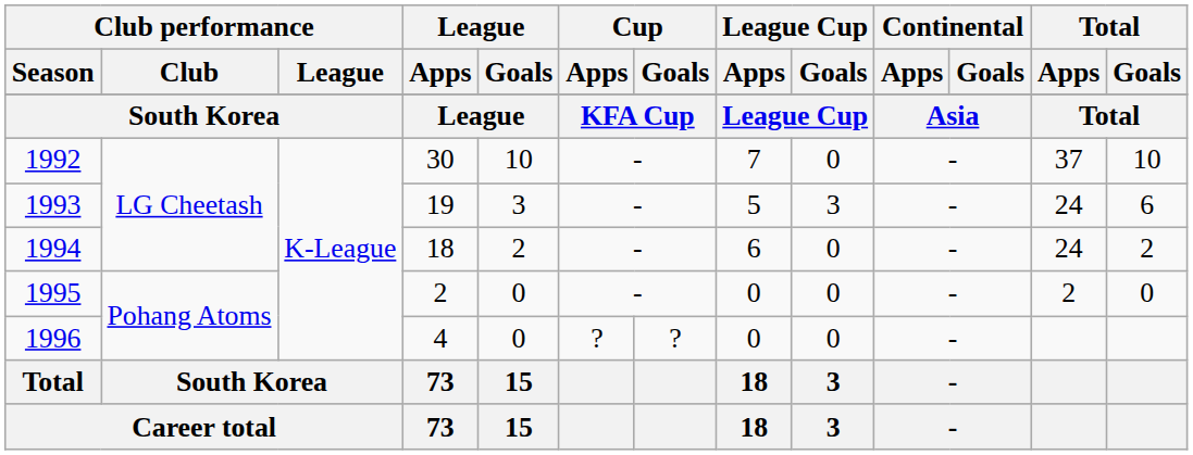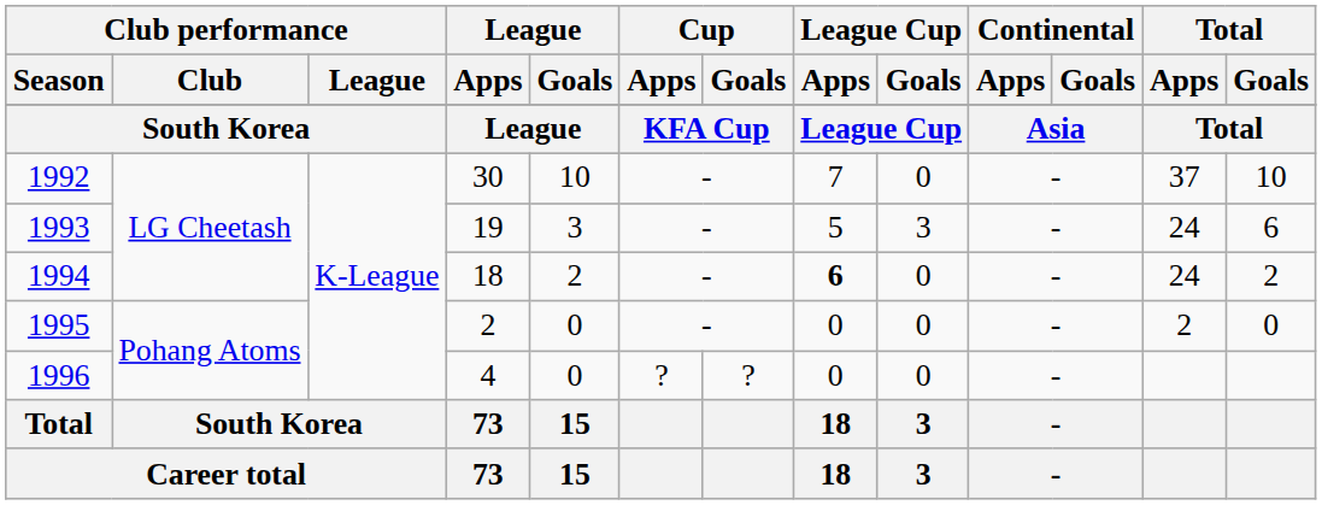 <table class="wikitable" style="text-align:center">
 <tr>
 <th colspan=3>Club performance</th>
 <th colspan=2>League</th>
 <th colspan=2>Cup</th>
 <th colspan=2>League Cup</th>
 <th colspan=2>Continental</th>
 <th colspan=2>Total</th>
 </tr>
 <tr>
 <th>Season</th>
 <th>Club</th>
 <th>League</th>
 <th>Apps</th>
 <th>Goals</th>
 <th>Apps</th>
 <th>Goals</th>
 <th>Apps</th>
 <th>Goals</th>
 <th>Apps</th>
 <th>Goals</th>
 <th>Apps</th>
 <th>Goals</th>
 </tr>
 <tr>
 </tr>
 <tr>
 <th colspan=3>South Korea</th>
 <th colspan=2>League</th>
 <th colspan=2><a href='#'>KFA Cup</a></th>
 <th colspan=2><a href='#'>League Cup</a></th>
 <th colspan=2><a href='#'>Asia</a></th>
 <th colspan=2>Total</th>
 </tr>
 <tr>
 <td><a href='#'>1992</a></td>
 <td rowspan="3"><a href='#'>LG Cheetash</a></td>
 <td rowspan="5"><a href='#'>K-League</a></td>
 <td>30</td>
 <td>10</td>
 <td colspan="2">-</td>
 <td>7</td>
 <td>0</td>
 <td colspan="2">-</td>
 <td>37</td>
 <td>10</td>
 </tr>
 <tr>
 <td><a href='#'>1993</a></td>
 <td>19</td>
 <td>3</td>
 <td colspan="2">-</td>
 <td>5</td>
 <td>3</td>
 <td colspan="2">-</td>
 <td>24</td>
 <td>6</td>
 </tr>
 <tr>
 <td><a href='#'>1994</a></td>
 <td>18</td>
 <td>2</td>
 <td colspan="2">-</td>
-<td>6</td>
+<td><strong>6</strong></td>
 <td>0</td>
 <td colspan="2">-</td>
 <td>24</td>
 <td>2</td>
 </tr>
 <tr>
 <td><a href='#'>1995</a></td>
 <td rowspan="2"><a href='#'>Pohang Atoms</a></td>
 <td>2</td>
 <td>0</td>
 <td colspan="2">-</td>
 <td>0</td>
 <td>0</td>
 <td colspan="2">-</td>
 <td>2</td>
 <td>0</td>
 </tr>
 <tr>
 <td><a href='#'>1996</a></td>
 <td>4</td>
 <td>0</td>
 <td>?</td>
 <td>?</td>
 <td>0</td>
 <td>0</td>
 <td colspan="2">-</td>
 <td></td>
 <td></td>
 </tr>
 <tr>
 <th rowspan=1>Total</th>
 <th colspan=2>South Korea</th>
 <th>73</th>
 <th>15</th>
 <th></th>
 <th></th>
 <th>18</th>
 <th>3</th>
 <th colspan="2">-</th>
 <th></th>
 <th></th>
 </tr>
 <tr>
 <th colspan=3>Career total</th>
 <th>73</th>
 <th>15</th>
 <th></th>
 <th></th>
 <th>18</th>
 <th>3</th>
 <th colspan="2">-</th>
 <th></th>
 <th></th>
 </tr>
 </table>
